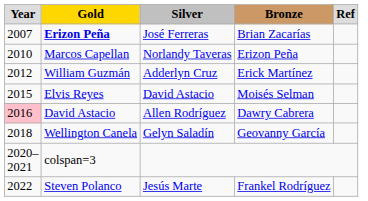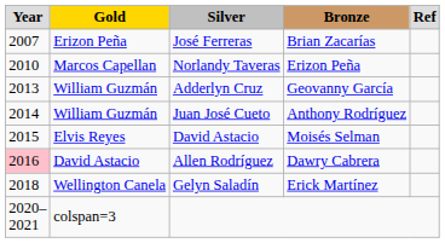 <table class="wikitable" style="text-align:left;">
 <tr>
 <td style="background:#DDDDDD; font-weight:bold; text-align:center;">Year</td>
 <td style="background:gold; font-weight:bold; text-align:center;">Gold</td>
 <td style="background:silver; font-weight:bold; text-align:center;">Silver</td>
 <td style="background:#cc9966; font-weight:bold; text-align:center;">Bronze</td>
 <td style="background:#DDDDDD; font-weight:bold; text-align:center;">Ref</td>
 </tr>
 <tr>
 <td>2007</td>
-<td><strong><a href='#'>Erizon Peña</a></strong></td>
+<td><a href='#'>Erizon Peña</a></td>
 <td><a href='#'>José Ferreras</a></td>
 <td><a href='#'>Brian Zacarías</a></td>
 <td></td>
 </tr>
 <tr>
 <td>2010</td>
 <td><a href='#'>Marcos Capellan</a></td>
 <td><a href='#'>Norlandy Taveras</a></td>
 <td><a href='#'>Erizon Peña</a></td>
 <td></td>
 </tr>
 <tr>
-<td>2012</td>
+<td>2013</td>
 <td><a href='#'>William Guzmán</a></td>
 <td><a href='#'>Adderlyn Cruz</a></td>
-<td><a href='#'>Erick Martínez</a></td>
+<td><a href='#'>Geovanny García</a></td>
+<td></td>
+</tr>
+<tr>
+<td>2014</td>
+<td><a href='#'>William Guzmán</a></td>
+<td><a href='#'>Juan José Cueto</a></td>
+<td><a href='#'>Anthony Rodríguez</a></td>
 <td></td>
 </tr>
 <tr>
 <td>2015</td>
 <td><a href='#'>Elvis Reyes</a></td>
 <td><a href='#'>David Astacio</a></td>
 <td><a href='#'>Moisés Selman</a></td>
 <td></td>
 </tr>
 <tr>
 <td style="background: pink;">2016</td>
 <td><a href='#'>David Astacio</a></td>
 <td><a href='#'>Allen Rodríguez</a></td>
 <td><a href='#'>Dawry Cabrera</a></td>
 <td></td>
 </tr>
 <tr>
 <td>2018</td>
 <td><a href='#'>Wellington Canela</a></td>
 <td><a href='#'>Gelyn Saladín</a></td>
-<td><a href='#'>Geovanny García</a></td>
+<td><a href='#'>Erick Martínez</a></td>
 <td></td>
 </tr>
 <tr>
 <td>2020–<br>2021</td>
 <td>colspan=3 </td>
 </tr>
-<tr>
-<td>2022</td>
-<td><a href='#'>Steven Polanco</a></td>
-<td><a href='#'>Jesús Marte</a></td>
-<td><a href='#'>Frankel Rodríguez</a></td>
-<td></td>
-</tr>
 </table>
